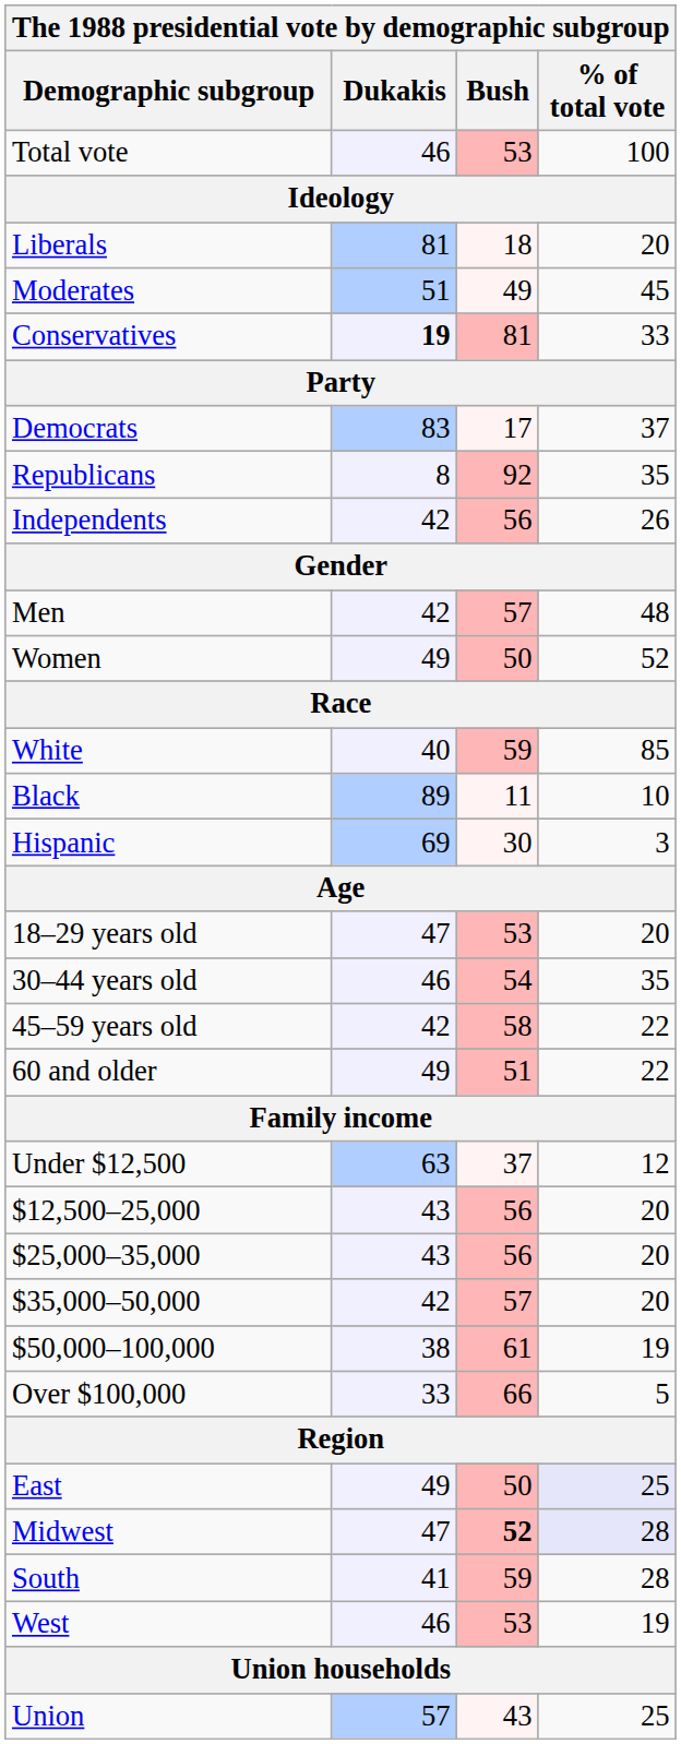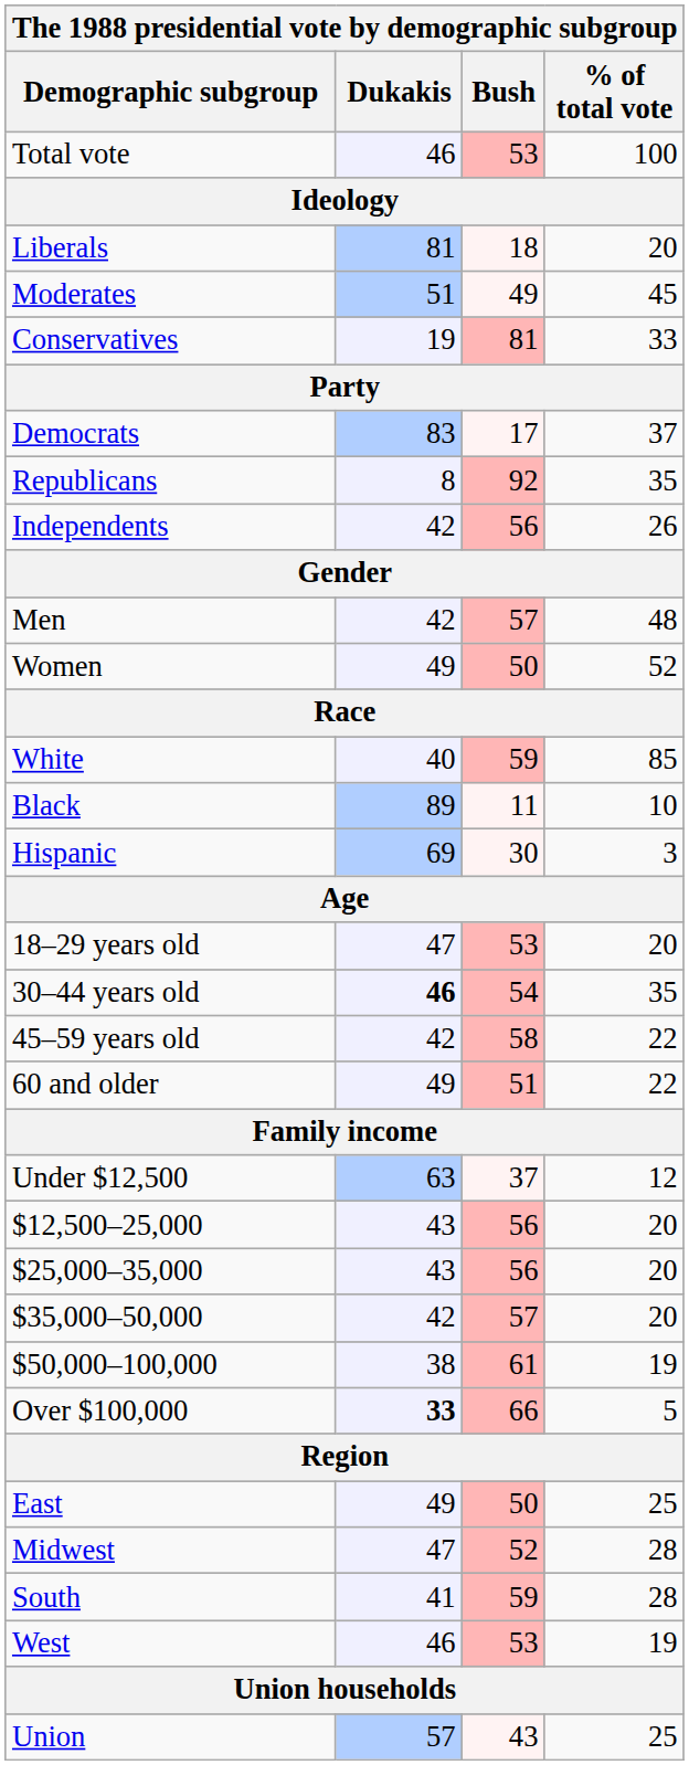 <table class=wikitable>
 <tr>
 <th colspan="7">The 1988 presidential vote by demographic subgroup</th>
 </tr>
 <tr>
 <th>Demographic subgroup</th>
 <th>Dukakis</th>
 <th>Bush</th>
 <th>% of<br>total vote</th>
 </tr>
 <tr>
 <td>Total vote</td>
 <td style="text-align:right; background:#f0f0ff;">46</td>
 <td style="text-align:right; background:#ffb6b6;">53</td>
 <td style="text-align:right;">100</td>
 </tr>
 <tr>
 <th colspan=4>Ideology</th>
 </tr>
 <tr>
 <td><a href='#'>Liberals</a></td>
 <td style="text-align:right; background:#b0ceff;">81</td>
 <td style="text-align:right; background:#fff3f3;">18</td>
 <td style="text-align:right;">20</td>
 </tr>
 <tr>
 <td><a href='#'>Moderates</a></td>
 <td style="text-align:right; background:#b0ceff;">51</td>
 <td style="text-align:right; background:#fff3f3;">49</td>
 <td style="text-align:right;">45</td>
 </tr>
 <tr>
 <td><a href='#'>Conservatives</a></td>
-<td style="text-align:right; background:#f0f0ff;"><strong>19</strong></td>
+<td style="text-align:right; background:#f0f0ff;">19</td>
 <td style="text-align:right; background:#ffb6b6;">81</td>
 <td style="text-align:right;">33</td>
 </tr>
 <tr>
 <th colspan=4>Party</th>
 </tr>
 <tr>
 <td><a href='#'>Democrats</a></td>
 <td style="text-align:right; background:#b0ceff;">83</td>
 <td style="text-align:right; background:#fff3f3;">17</td>
 <td style="text-align:right;">37</td>
 </tr>
 <tr>
 <td><a href='#'>Republicans</a></td>
 <td style="text-align:right; background:#f0f0ff;">8</td>
 <td style="text-align:right; background:#ffb6b6;">92</td>
 <td style="text-align:right;">35</td>
 </tr>
 <tr>
 <td><a href='#'>Independents</a></td>
 <td style="text-align:right; background:#f0f0ff;">42</td>
 <td style="text-align:right; background:#ffb6b6;">56</td>
 <td style="text-align:right;">26</td>
 </tr>
 <tr>
 <th colspan=4>Gender</th>
 </tr>
 <tr>
 <td>Men</td>
 <td style="text-align:right; background:#f0f0ff;">42</td>
 <td style="text-align:right; background:#ffb6b6;">57</td>
 <td style="text-align:right;">48</td>
 </tr>
 <tr>
 <td>Women</td>
 <td style="text-align:right; background:#f0f0ff;">49</td>
 <td style="text-align:right; background:#ffb6b6;">50</td>
 <td style="text-align:right;">52</td>
 </tr>
 <tr>
 <th colspan=4>Race</th>
 </tr>
 <tr>
 <td><a href='#'>White</a></td>
 <td style="text-align:right; background:#f0f0ff;">40</td>
 <td style="text-align:right; background:#ffb6b6;">59</td>
 <td style="text-align:right;">85</td>
 </tr>
 <tr>
 <td><a href='#'>Black</a></td>
 <td style="text-align:right; background:#b0ceff;">89</td>
 <td style="text-align:right; background:#fff3f3;">11</td>
 <td style="text-align:right;">10</td>
 </tr>
 <tr>
 <td><a href='#'>Hispanic</a></td>
 <td style="text-align:right; background:#b0ceff;">69</td>
 <td style="text-align:right; background:#fff3f3;">30</td>
 <td style="text-align:right;">3</td>
 </tr>
 <tr>
 <th colspan=4>Age</th>
 </tr>
 <tr>
 <td>18–29 years old</td>
 <td style="text-align:right; background:#f0f0ff;">47</td>
 <td style="text-align:right; background:#ffb6b6;">53</td>
 <td style="text-align:right;">20</td>
 </tr>
 <tr>
 <td>30–44 years old</td>
-<td style="text-align:right; background:#f0f0ff;">46</td>
+<td style="text-align:right; background:#f0f0ff;"><strong>46</strong></td>
 <td style="text-align:right; background:#ffb6b6;">54</td>
 <td style="text-align:right;">35</td>
 </tr>
 <tr>
 <td>45–59 years old</td>
 <td style="text-align:right; background:#f0f0ff;">42</td>
 <td style="text-align:right; background:#ffb6b6;">58</td>
 <td style="text-align:right;">22</td>
 </tr>
 <tr>
 <td>60 and older</td>
 <td style="text-align:right; background:#f0f0ff;">49</td>
 <td style="text-align:right; background:#ffb6b6;">51</td>
 <td style="text-align:right;">22</td>
 </tr>
 <tr>
 <th colspan=4>Family income</th>
 </tr>
 <tr>
 <td>Under $12,500</td>
 <td style="text-align:right; background:#b0ceff;">63</td>
 <td style="text-align:right; background:#fff3f3;">37</td>
 <td style="text-align:right;">12</td>
 </tr>
 <tr>
 <td>$12,500–25,000</td>
 <td style="text-align:right; background:#f0f0ff;">43</td>
 <td style="text-align:right; background:#ffb6b6;">56</td>
 <td style="text-align:right;">20</td>
 </tr>
 <tr>
 <td>$25,000–35,000</td>
 <td style="text-align:right; background:#f0f0ff;">43</td>
 <td style="text-align:right; background:#ffb6b6;">56</td>
 <td style="text-align:right;">20</td>
 </tr>
 <tr>
 <td>$35,000–50,000</td>
 <td style="text-align:right; background:#f0f0ff;">42</td>
 <td style="text-align:right; background:#ffb6b6;">57</td>
 <td style="text-align:right;">20</td>
 </tr>
 <tr>
 <td>$50,000–100,000</td>
 <td style="text-align:right; background:#f0f0ff;">38</td>
 <td style="text-align:right; background:#ffb6b6;">61</td>
 <td style="text-align:right;">19</td>
 </tr>
 <tr>
 <td>Over $100,000</td>
-<td style="text-align:right; background:#f0f0ff;">33</td>
+<td style="text-align:right; background:#f0f0ff;"><strong>33</strong></td>
 <td style="text-align:right; background:#ffb6b6;">66</td>
 <td style="text-align:right;">5</td>
 </tr>
 <tr>
 <th colspan=4>Region</th>
 </tr>
 <tr>
 <td><a href='#'>East</a></td>
 <td style="text-align:right; background:#f0f0ff;">49</td>
 <td style="text-align:right; background:#ffb6b6;">50</td>
-<td style="background: lavender; text-align:right;">25</td>
+<td style="text-align:right;">25</td>
 </tr>
 <tr>
 <td><a href='#'>Midwest</a></td>
 <td style="text-align:right; background:#f0f0ff;">47</td>
-<td style="text-align:right; background:#ffb6b6;"><strong>52</strong></td>
-<td style="background: lavender; text-align:right;">28</td>
+<td style="text-align:right; background:#ffb6b6;">52</td>
+<td style="text-align:right;">28</td>
 </tr>
 <tr>
 <td><a href='#'>South</a></td>
 <td style="text-align:right; background:#f0f0ff;">41</td>
 <td style="text-align:right; background:#ffb6b6;">59</td>
 <td style="text-align:right;">28</td>
 </tr>
 <tr>
 <td><a href='#'>West</a></td>
 <td style="text-align:right; background:#f0f0ff;">46</td>
 <td style="text-align:right; background:#ffb6b6;">53</td>
 <td style="text-align:right;">19</td>
 </tr>
 <tr>
 <th colspan=4>Union households</th>
 </tr>
 <tr>
 <td><a href='#'>Union</a></td>
 <td style="text-align:right; background:#b0ceff;">57</td>
 <td style="text-align:right; background:#fff3f3;">43</td>
 <td style="text-align:right;">25</td>
 </tr>
 </table>
